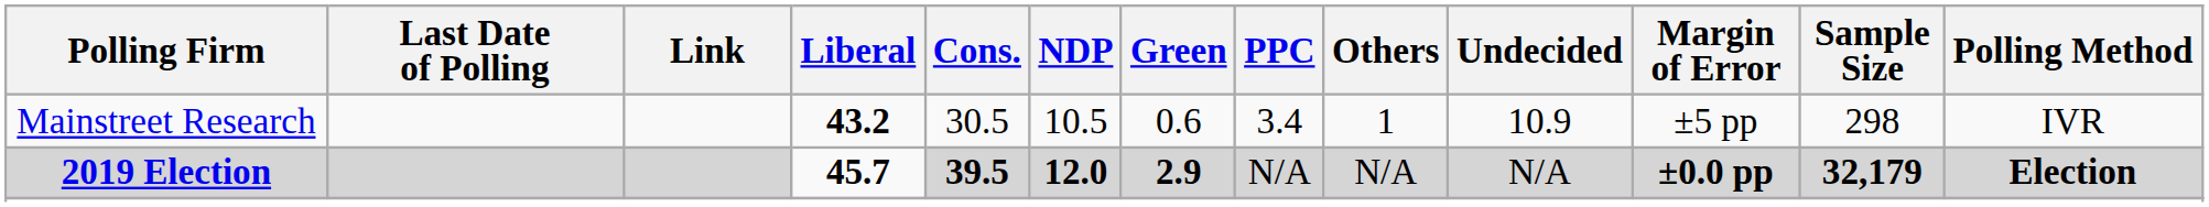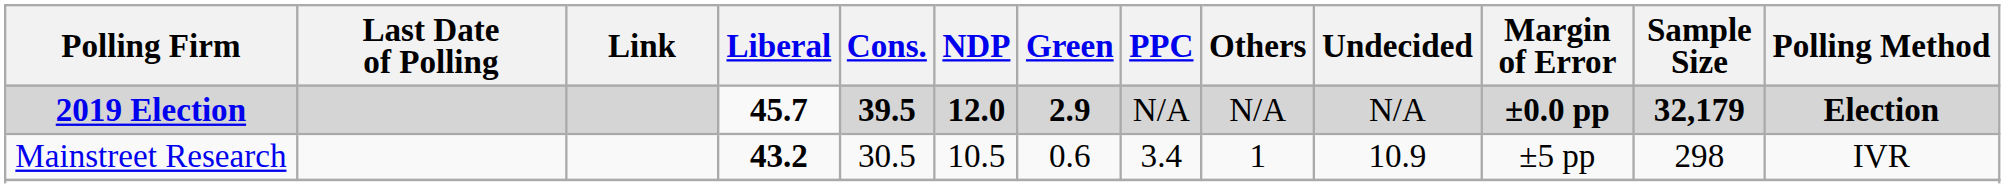 <table class="wikitable sortable" style="text-align:center;font-size:90%;line-height:14px;">
 <tr style="background:#e9e9e9;">
 <th style="width:120px">Polling Firm</th>
 <th style="width:110px">Last Date<br>of Polling</th>
 <th style="width:60px" class="unsortable">Link</th>
 <th style="background-color:"><a href='#'>Liberal</a></th>
 <th style="background-color:"><a href='#'>Cons.</a></th>
 <th style="background-color:"><a href='#'>NDP</a></th>
 <th style="background-color:"><a href='#'>Green</a></th>
 <th style="background-color:"><a href='#'><span>PPC</span></a></th>
 <th style="background-color:">Others</th>
 <th style="background-color:">Undecided</th>
 <th style="width:60px;" class=unsortable>Margin<br>of Error</th>
 <th style="width:50px;" class=unsortable>Sample<br>Size</th>
 <th class=unsortable>Polling Method</th>
 </tr>
 <tr>
+<td style="background:#D5D5D5"><strong><a href='#'>2019 Election</a></strong></td>
+<td style="background:#D5D5D5"><strong></strong></td>
+<td style="background:#D5D5D5"></td>
+<td><strong>45.7</strong></td>
+<td style="background:#D5D5D5"><strong>39.5</strong></td>
+<td style="background:#D5D5D5"><strong>12.0</strong></td>
+<td style="background:#D5D5D5"><strong>2.9</strong></td>
+<td style="background:#D5D5D5">N/A</td>
+<td style="background:#D5D5D5">N/A</td>
+<td style="background:#D5D5D5">N/A</td>
+<td style="background:#D5D5D5"><strong>±0.0 pp</strong></td>
+<td style="background:#D5D5D5"><strong>32,179</strong></td>
+<td style="background:#D5D5D5"><strong>Election</strong></td>
+</tr>
+<tr>
 <td><a href='#'>Mainstreet Research</a></td>
 <td></td>
 <td></td>
 <td><strong>43.2</strong></td>
 <td>30.5</td>
 <td>10.5</td>
 <td>0.6</td>
 <td>3.4</td>
 <td>1</td>
 <td>10.9</td>
 <td>±5 pp</td>
 <td>298</td>
 <td>IVR</td>
 </tr>
 <tr>
-<td style="background:#D5D5D5"><strong><a href='#'>2019 Election</a></strong></td>
-<td style="background:#D5D5D5"><strong></strong></td>
-<td style="background:#D5D5D5"></td>
-<td><strong>45.7</strong></td>
-<td style="background:#D5D5D5"><strong>39.5</strong></td>
-<td style="background:#D5D5D5"><strong>12.0</strong></td>
-<td style="background:#D5D5D5"><strong>2.9</strong></td>
-<td style="background:#D5D5D5">N/A</td>
-<td style="background:#D5D5D5">N/A</td>
-<td style="background:#D5D5D5">N/A</td>
-<td style="background:#D5D5D5"><strong>±0.0 pp</strong></td>
-<td style="background:#D5D5D5"><strong>32,179</strong></td>
-<td style="background:#D5D5D5"><strong>Election</strong></td>
-</tr>
-<tr>
 </tr>
 <tr>
 </tr>
 </table>
